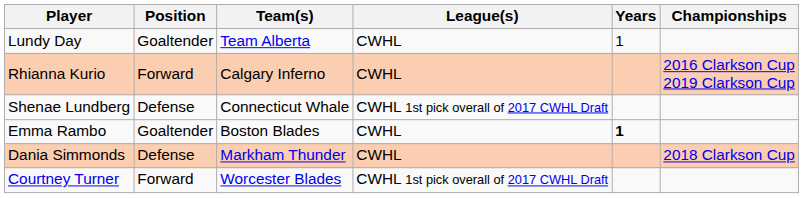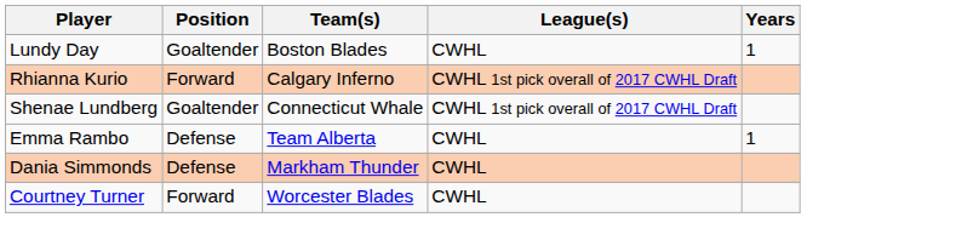 <table class="wikitable sortable">
 <tr>
 <th>Player</th>
 <th>Position</th>
 <th>Team(s)</th>
 <th>League(s)</th>
 <th>Years</th>
-<th>Championships</th>
 </tr>
 <tr bgcolor=>
 <td>Lundy Day</td>
 <td>Goaltender</td>
-<td><a href='#'>Team Alberta</a></td>
+<td>Boston Blades</td>
 <td>CWHL</td>
 <td>1</td>
-<td></td>
 </tr>
 <tr bgcolor= FBCEB1>
 <td>Rhianna Kurio</td>
 <td>Forward</td>
 <td>Calgary Inferno</td>
-<td>CWHL</td>
+<td>CWHL <small>1st pick overall of <a href='#'>2017 CWHL Draft</a></small></td>
 <td></td>
-<td><a href='#'>2016 Clarkson Cup</a><br><a href='#'>2019 Clarkson Cup</a></td>
 </tr>
 <tr bgcolor=>
 <td>Shenae Lundberg</td>
-<td>Defense</td>
+<td>Goaltender</td>
 <td>Connecticut Whale</td>
 <td>CWHL <small>1st pick overall of <a href='#'>2017 CWHL Draft</a></small></td>
-<td></td>
 <td></td>
 </tr>
 <tr bgcolor=>
 <td>Emma Rambo</td>
-<td>Goaltender</td>
-<td>Boston Blades</td>
+<td>Defense</td>
+<td><a href='#'>Team Alberta</a></td>
 <td>CWHL</td>
-<td><strong>1</strong></td>
-<td></td>
+<td>1</td>
 </tr>
 <tr bgcolor= FBCEB1>
 <td>Dania Simmonds</td>
 <td>Defense</td>
 <td><a href='#'>Markham Thunder</a></td>
 <td>CWHL</td>
 <td></td>
-<td><a href='#'>2018 Clarkson Cup</a></td>
 </tr>
 <tr bgcolor=>
 <td><a href='#'>Courtney Turner</a></td>
 <td>Forward</td>
 <td><a href='#'>Worcester Blades</a></td>
-<td>CWHL <small>1st pick overall of <a href='#'>2017 CWHL Draft</a></small></td>
-<td></td>
+<td>CWHL</td>
 <td></td>
 </tr>
 </table>
